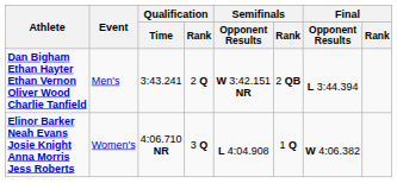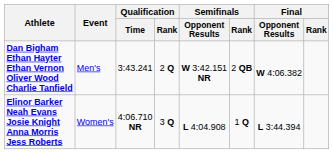 <table class=wikitable style=font-size:90%;text-align:center>
 <tr>
 <th rowspan=2>Athlete</th>
 <th rowspan=2>Event</th>
 <th colspan=2>Qualification</th>
 <th colspan=2>Semifinals</th>
 <th colspan=2>Final</th>
 </tr>
 <tr style=font-size:95%>
 <th>Time</th>
 <th>Rank</th>
 <th>Opponent<br>Results</th>
 <th>Rank</th>
 <th>Opponent<br>Results</th>
 <th>Rank</th>
 </tr>
 <tr>
 <td align=left><strong><a href='#'>Dan Bigham</a><br><a href='#'>Ethan Hayter</a><br><a href='#'>Ethan Vernon</a><br><a href='#'>Oliver Wood</a><br><a href='#'>Charlie Tanfield</a></strong></td>
 <td align=left><a href='#'>Men's</a></td>
 <td>3:43.241</td>
 <td>2 <strong>Q</strong></td>
 <td><br><strong>W</strong> 3:42.151<br><strong>NR</strong></td>
 <td>2 <strong>QB</strong></td>
-<td><br><strong>L</strong> 3:44.394</td>
+<td><br><strong>W</strong> 4:06.382</td>
 <td></td>
 </tr>
 <tr>
 <td align=left><strong><a href='#'>Elinor Barker</a><br><a href='#'>Neah Evans</a><br><a href='#'>Josie Knight</a><br><a href='#'>Anna Morris</a><br><a href='#'>Jess Roberts</a></strong></td>
 <td align=left><a href='#'>Women's</a></td>
 <td>4:06.710 <br><strong>NR</strong></td>
 <td>3 <strong>Q</strong></td>
 <td><br><strong>L</strong> 4:04.908</td>
 <td>1 <strong>Q</strong></td>
-<td><br><strong>W</strong> 4:06.382</td>
+<td><br><strong>L</strong> 3:44.394</td>
 <td></td>
 </tr>
 </table>
